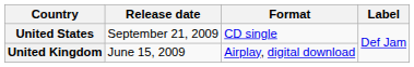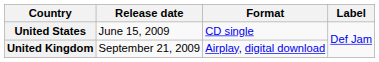 <table class="wikitable plainrowheaders">
 <tr>
 <th>Country</th>
 <th>Release date</th>
 <th>Format</th>
 <th>Label</th>
 </tr>
 <tr>
 <th scope="row">United States</th>
-<td>September 21, 2009 </td>
+<td>June 15, 2009</td>
 <td><a href='#'>CD single</a></td>
 <td rowspan="2"><a href='#'>Def Jam</a></td>
 </tr>
 <tr>
 <th scope="row">United Kingdom</th>
-<td>June 15, 2009</td>
+<td>September 21, 2009 </td>
 <td><a href='#'>Airplay</a>, <a href='#'>digital download</a></td>
 </tr>
 </table>
